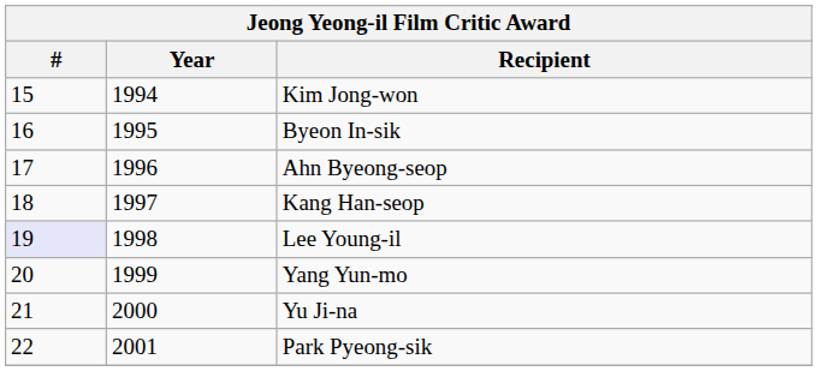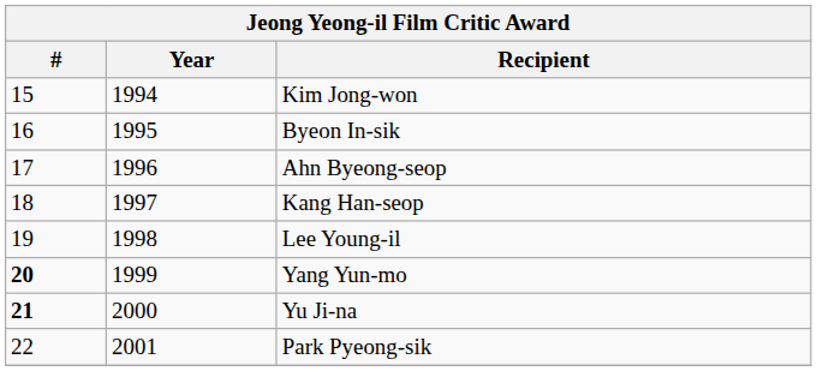 <table class="wikitable collapsible collapsed" style="width:45%">
 <tr>
 <th colspan="4">Jeong Yeong-il Film Critic Award</th>
 </tr>
 <tr>
 <th>#</th>
 <th>Year</th>
 <th>Recipient</th>
 </tr>
 <tr>
 <td>15</td>
 <td>1994</td>
 <td>Kim Jong-won</td>
 </tr>
 <tr>
 <td>16</td>
 <td>1995</td>
 <td>Byeon In-sik</td>
 </tr>
 <tr>
 <td>17</td>
 <td>1996</td>
 <td>Ahn Byeong-seop</td>
 </tr>
 <tr>
 <td>18</td>
 <td>1997</td>
 <td>Kang Han-seop</td>
 </tr>
 <tr>
-<td style="background: lavender;">19</td>
+<td>19</td>
 <td>1998</td>
 <td>Lee Young-il</td>
 </tr>
 <tr>
-<td>20</td>
+<td><strong>20</strong></td>
 <td>1999</td>
 <td>Yang Yun-mo</td>
 </tr>
 <tr>
-<td>21</td>
+<td><strong>21</strong></td>
 <td>2000</td>
 <td>Yu Ji-na</td>
 </tr>
 <tr>
 <td>22</td>
 <td>2001</td>
 <td>Park Pyeong-sik</td>
 </tr>
 <tr>
 </tr>
 </table>
